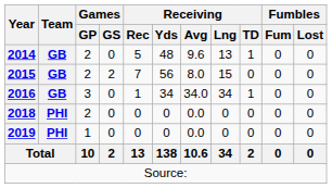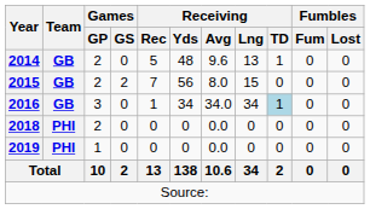 <table class="wikitable" style="text-align: center;">
 <tr>
 <th rowspan="2">Year</th>
 <th rowspan="2">Team</th>
 <th colspan="2">Games</th>
 <th colspan="5">Receiving</th>
 <th colspan="2">Fumbles</th>
 </tr>
 <tr>
 <th>GP</th>
 <th>GS</th>
 <th>Rec</th>
 <th>Yds</th>
 <th>Avg</th>
 <th>Lng</th>
 <th>TD</th>
 <th>Fum</th>
 <th>Lost</th>
 </tr>
 <tr>
 <th><a href='#'>2014</a></th>
 <th><a href='#'>GB</a></th>
 <td>2</td>
 <td>0</td>
 <td>5</td>
 <td>48</td>
 <td>9.6</td>
 <td>13</td>
 <td>1</td>
 <td>0</td>
 <td>0</td>
 </tr>
 <tr>
 <th><a href='#'>2015</a></th>
 <th><a href='#'>GB</a></th>
 <td>2</td>
 <td>2</td>
 <td>7</td>
 <td>56</td>
 <td>8.0</td>
 <td>15</td>
 <td>0</td>
 <td>0</td>
 <td>0</td>
 </tr>
 <tr>
 <th><a href='#'>2016</a></th>
 <th><a href='#'>GB</a></th>
 <td>3</td>
 <td>0</td>
 <td>1</td>
 <td>34</td>
 <td>34.0</td>
 <td>34</td>
-<td>1</td>
+<td style="background: lightblue;">1</td>
 <td>0</td>
 <td>0</td>
 </tr>
 <tr>
 <th><a href='#'>2018</a></th>
 <th><a href='#'>PHI</a></th>
 <td>2</td>
 <td>0</td>
 <td>0</td>
 <td>0</td>
 <td>0.0</td>
 <td>0</td>
 <td>0</td>
 <td>0</td>
 <td>0</td>
 </tr>
 <tr>
 <th><a href='#'>2019</a></th>
 <th><a href='#'>PHI</a></th>
 <td>1</td>
 <td>0</td>
 <td>0</td>
 <td>0</td>
 <td>0.0</td>
 <td>0</td>
 <td>0</td>
 <td>0</td>
 <td>0</td>
 </tr>
 <tr>
 <th colspan="2">Total</th>
 <th>10</th>
 <th>2</th>
 <th>13</th>
 <th>138</th>
 <th>10.6</th>
 <th>34</th>
 <th>2</th>
 <th>0</th>
 <th>0</th>
 </tr>
 <tr>
 <td colspan="11">Source: </td>
 </tr>
 </table>
